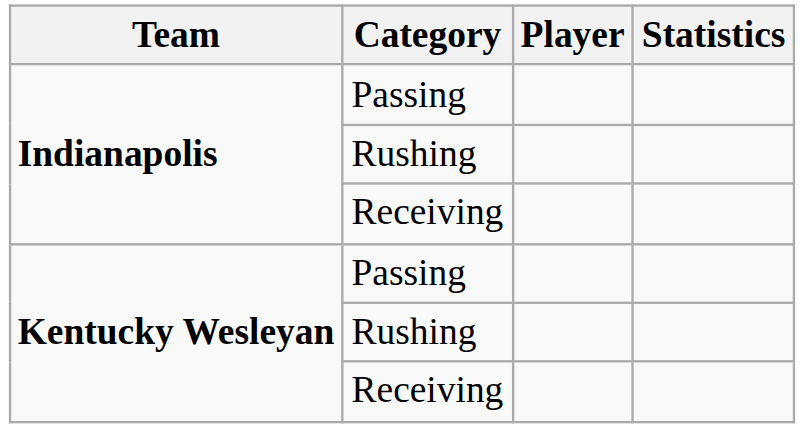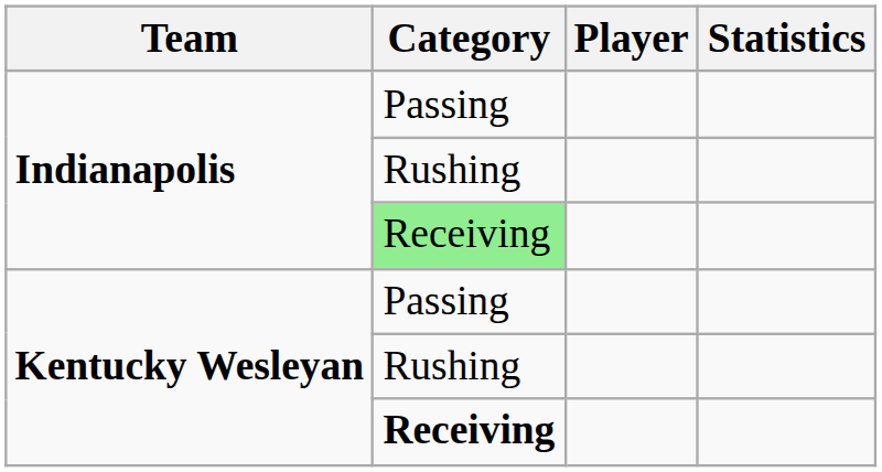 <table class="wikitable" style="float: right;">
 <tr>
 <th>Team</th>
 <th>Category</th>
 <th>Player</th>
 <th>Statistics</th>
 </tr>
 <tr>
 <td rowspan=3><strong>Indianapolis</strong></td>
 <td>Passing</td>
 <td></td>
 <td></td>
 </tr>
 <tr>
 <td>Rushing</td>
 <td></td>
 <td></td>
 </tr>
 <tr>
-<td>Receiving</td>
+<td style="background: lightgreen;">Receiving</td>
 <td></td>
 <td></td>
 </tr>
 <tr>
 <td rowspan=3><strong>Kentucky Wesleyan</strong></td>
 <td>Passing</td>
 <td></td>
 <td></td>
 </tr>
 <tr>
 <td>Rushing</td>
 <td></td>
 <td></td>
 </tr>
 <tr>
-<td>Receiving</td>
+<td><strong>Receiving</strong></td>
 <td></td>
 <td></td>
 </tr>
 </table>
